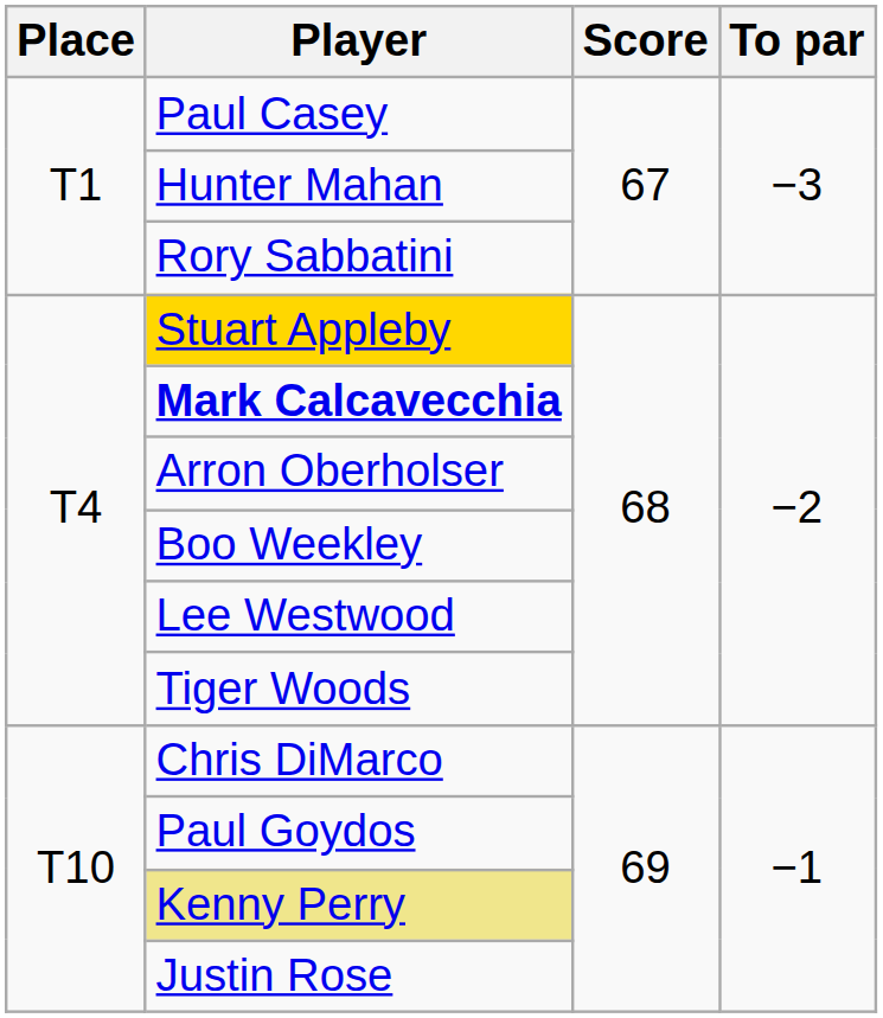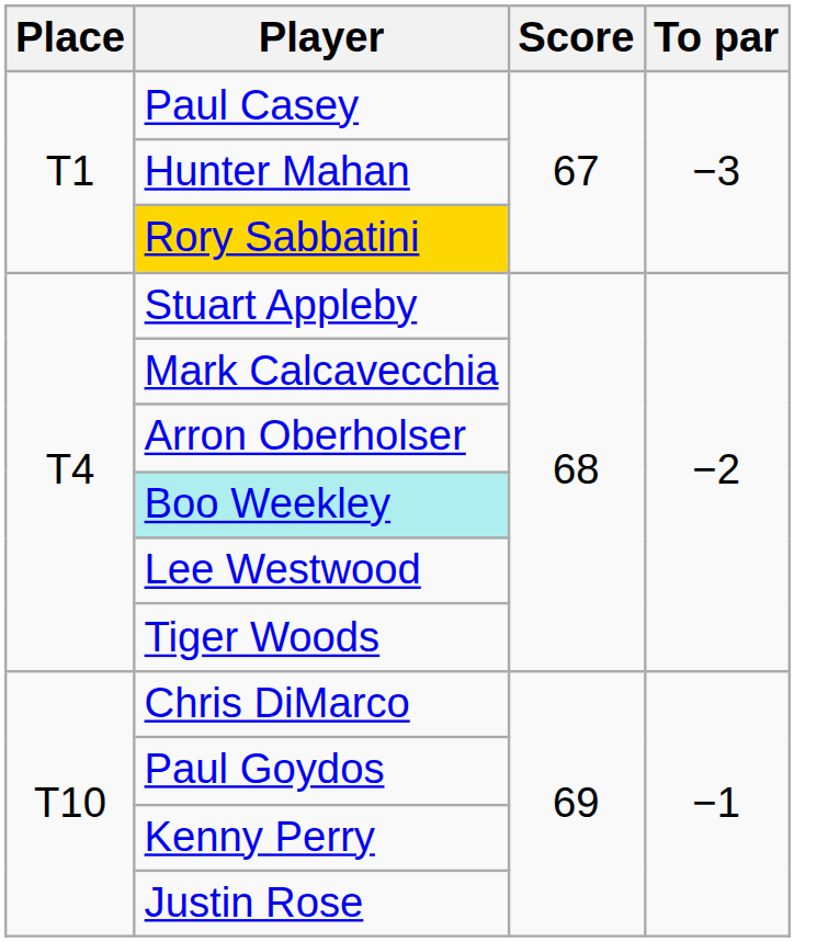 <table class="wikitable">
 <tr>
 <th>Place</th>
 <th>Player</th>
 <th>Score</th>
 <th>To par</th>
 </tr>
 <tr>
 <td rowspan="3" align=center>T1</td>
 <td> <a href='#'>Paul Casey</a></td>
 <td rowspan="3" align=center>67</td>
 <td rowspan="3" align=center>−3</td>
 </tr>
 <tr>
 <td> <a href='#'>Hunter Mahan</a></td>
 </tr>
 <tr>
-<td> <a href='#'>Rory Sabbatini</a></td>
+<td style="background: gold;"> <a href='#'>Rory Sabbatini</a></td>
 </tr>
 <tr>
 <td rowspan="6" align=center>T4</td>
-<td style="background: gold;"> <a href='#'>Stuart Appleby</a></td>
+<td> <a href='#'>Stuart Appleby</a></td>
 <td rowspan="6" align=center>68</td>
 <td rowspan="6" align=center>−2</td>
 </tr>
 <tr>
-<td><strong> <a href='#'>Mark Calcavecchia</a></strong></td>
+<td> <a href='#'>Mark Calcavecchia</a></td>
 </tr>
 <tr>
 <td> <a href='#'>Arron Oberholser</a></td>
 </tr>
 <tr>
-<td> <a href='#'>Boo Weekley</a></td>
+<td style="background: paleturquoise;"> <a href='#'>Boo Weekley</a></td>
 </tr>
 <tr>
 <td> <a href='#'>Lee Westwood</a></td>
 </tr>
 <tr>
 <td> <a href='#'>Tiger Woods</a></td>
 </tr>
 <tr>
 <td rowspan="4" align=center>T10</td>
 <td> <a href='#'>Chris DiMarco</a></td>
 <td rowspan="4" align=center>69</td>
 <td rowspan="4" align=center>−1</td>
 </tr>
 <tr>
 <td> <a href='#'>Paul Goydos</a></td>
 </tr>
 <tr>
-<td style="background: khaki;"> <a href='#'>Kenny Perry</a></td>
+<td> <a href='#'>Kenny Perry</a></td>
 </tr>
 <tr>
 <td> <a href='#'>Justin Rose</a></td>
 </tr>
 </table>
